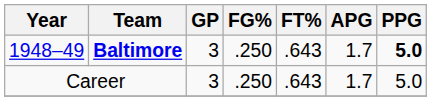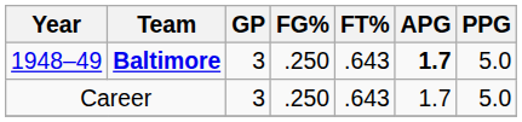 <table class="wikitable sortable" style="font-size:95%; text-align:right;">
 <tr>
 <th>Year</th>
 <th>Team</th>
 <th>GP</th>
 <th>FG%</th>
 <th>FT%</th>
 <th>APG</th>
 <th>PPG</th>
 </tr>
 <tr>
 <td style="text-align:left;"><a href='#'>1948–49</a></td>
 <td style="text-align:left;"><strong><a href='#'>Baltimore</a></strong></td>
 <td>3</td>
 <td>.250</td>
 <td>.643</td>
-<td>1.7</td>
-<td><strong>5.0</strong></td>
+<td><strong>1.7</strong></td>
+<td>5.0</td>
 </tr>
 <tr>
 <td style="text-align:center;" colspan="2">Career</td>
 <td>3</td>
 <td>.250</td>
 <td>.643</td>
 <td>1.7</td>
 <td>5.0</td>
 </tr>
 <tr>
 </tr>
 </table>
